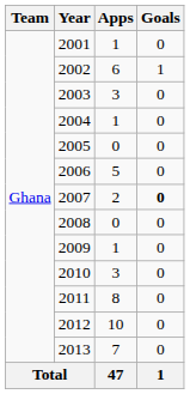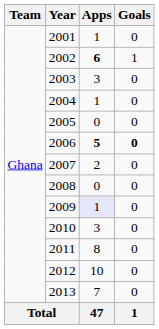 <table class="wikitable" style="text-align: center;">
 <tr>
 <th>Team</th>
 <th>Year</th>
 <th>Apps</th>
 <th>Goals</th>
 </tr>
 <tr>
 <td rowspan="13"><a href='#'>Ghana</a></td>
 <td>2001</td>
 <td>1</td>
 <td>0</td>
 </tr>
 <tr>
 <td>2002</td>
-<td>6</td>
+<td><strong>6</strong></td>
 <td>1</td>
 </tr>
 <tr>
 <td>2003</td>
 <td>3</td>
 <td>0</td>
 </tr>
 <tr>
 <td>2004</td>
 <td>1</td>
 <td>0</td>
 </tr>
 <tr>
 <td>2005</td>
 <td>0</td>
 <td>0</td>
 </tr>
 <tr>
 <td>2006</td>
-<td>5</td>
-<td>0</td>
+<td><strong>5</strong></td>
+<td><strong>0</strong></td>
 </tr>
 <tr>
 <td>2007</td>
 <td>2</td>
-<td><strong>0</strong></td>
+<td>0</td>
 </tr>
 <tr>
 <td>2008</td>
 <td>0</td>
 <td>0</td>
 </tr>
 <tr>
 <td>2009</td>
-<td>1</td>
+<td style="background: lavender;">1</td>
 <td>0</td>
 </tr>
 <tr>
 <td>2010</td>
 <td>3</td>
 <td>0</td>
 </tr>
 <tr>
 <td>2011</td>
 <td>8</td>
 <td>0</td>
 </tr>
 <tr>
 <td>2012</td>
 <td>10</td>
 <td>0</td>
 </tr>
 <tr>
 <td>2013</td>
 <td>7</td>
 <td>0</td>
 </tr>
 <tr>
 <th colspan="2">Total</th>
 <th>47</th>
 <th>1</th>
 </tr>
 </table>
